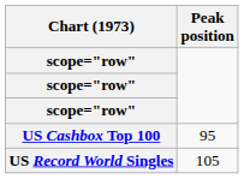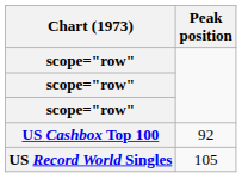 <table class="wikitable sortable plainrowheaders">
 <tr>
 <th scope="col">Chart (1973)</th>
 <th scope="col">Peak<br>position</th>
 </tr>
 <tr>
 <th>scope="row" </th>
 </tr>
 <tr>
 <th>scope="row" </th>
 </tr>
 <tr>
 <th>scope="row" </th>
 </tr>
 <tr>
 <th scope="row"><a href='#'>US <em>Cashbox</em> Top 100</a></th>
-<td style="text-align:center;">95</td>
+<td style="text-align:center;">92</td>
 </tr>
 <tr>
 <th scope="row">US <a href='#'><em>Record World</em> Singles</a></th>
 <td style="text-align:center;">105</td>
 </tr>
 </table>
